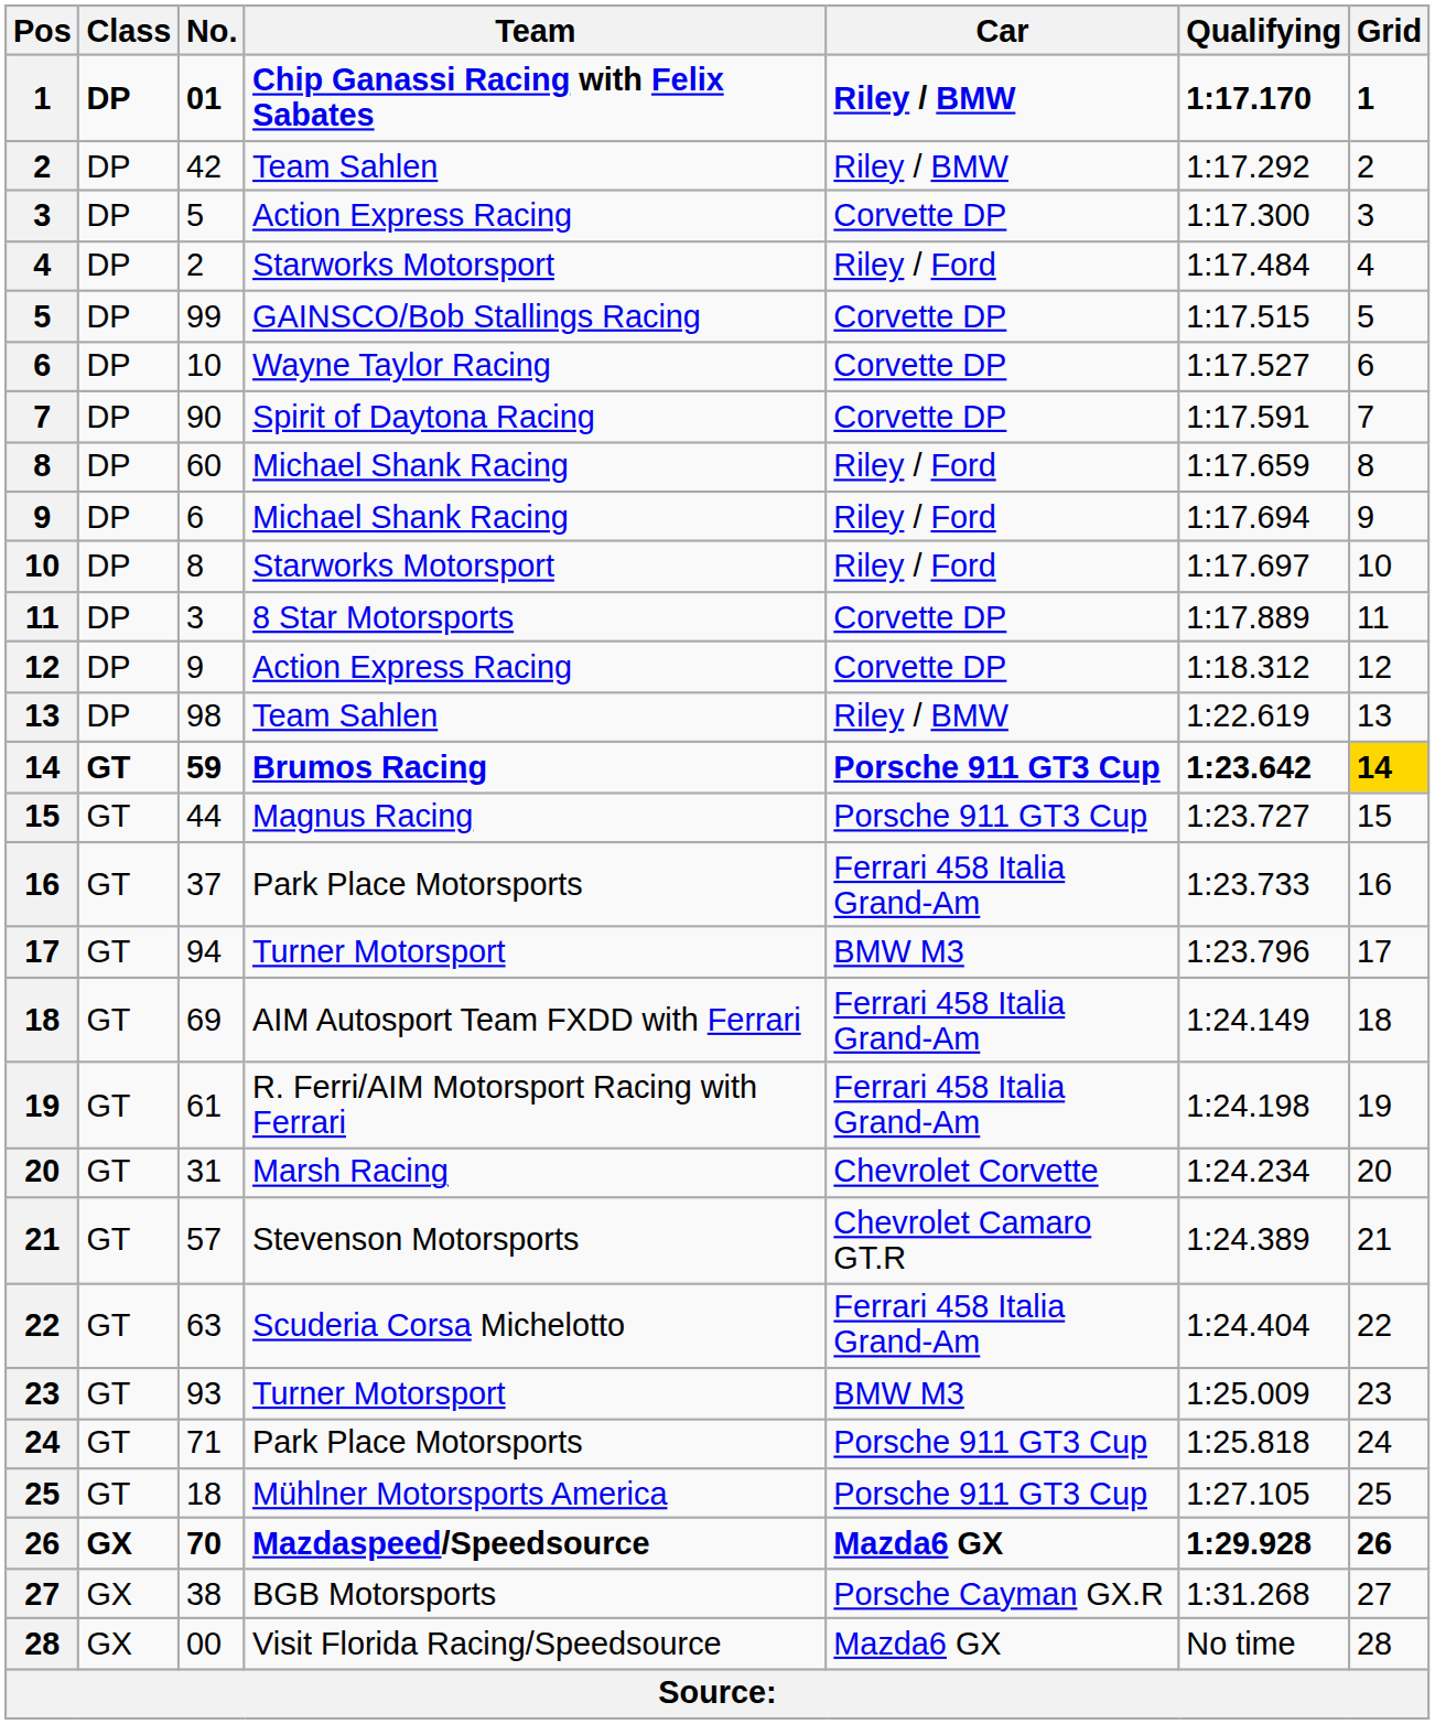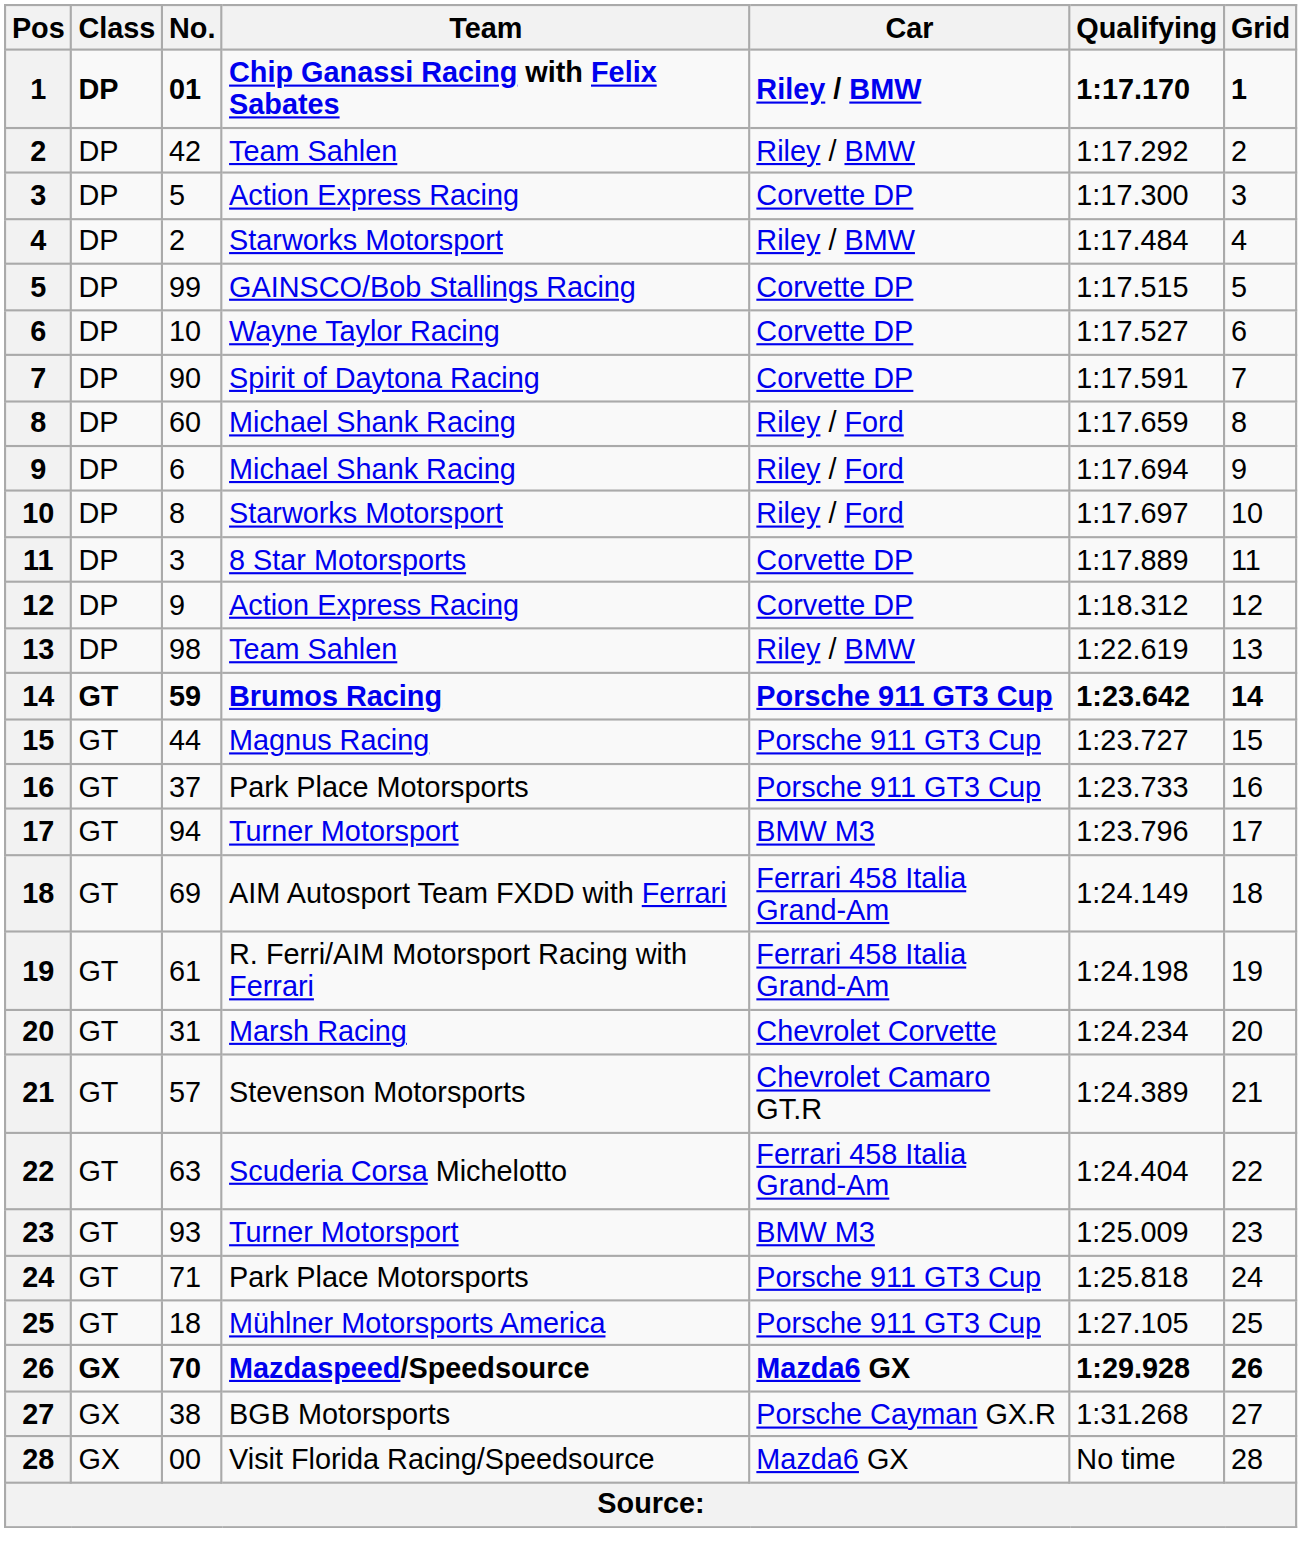 <table class="wikitable" style="font-size: 85%;">
 <tr>
 <th>Pos</th>
 <th>Class</th>
 <th>No.</th>
 <th>Team</th>
 <th>Car</th>
 <th>Qualifying</th>
 <th>Grid</th>
 </tr>
 <tr>
 <th>1</th>
 <td><strong>DP</strong></td>
 <td><strong>01</strong></td>
 <td><strong><a href='#'>Chip Ganassi Racing</a> with <a href='#'>Felix Sabates</a></strong></td>
 <td><strong><a href='#'>Riley</a> / <a href='#'>BMW</a></strong></td>
 <td><strong>1:17.170</strong></td>
 <td><strong>1</strong></td>
 </tr>
 <tr>
 <th>2</th>
 <td>DP</td>
 <td>42</td>
 <td><a href='#'>Team Sahlen</a></td>
 <td><a href='#'>Riley</a> / <a href='#'>BMW</a></td>
 <td>1:17.292</td>
 <td>2</td>
 </tr>
 <tr>
 <th>3</th>
 <td>DP</td>
 <td>5</td>
 <td><a href='#'>Action Express Racing</a></td>
 <td><a href='#'>Corvette DP</a></td>
 <td>1:17.300</td>
 <td>3</td>
 </tr>
 <tr>
 <th>4</th>
 <td>DP</td>
 <td>2</td>
 <td><a href='#'>Starworks Motorsport</a></td>
-<td><a href='#'>Riley</a> / <a href='#'>Ford</a></td>
+<td><a href='#'>Riley</a> / <a href='#'>BMW</a></td>
 <td>1:17.484</td>
 <td>4</td>
 </tr>
 <tr>
 <th>5</th>
 <td>DP</td>
 <td>99</td>
 <td><a href='#'>GAINSCO/Bob Stallings Racing</a></td>
 <td><a href='#'>Corvette DP</a></td>
 <td>1:17.515</td>
 <td>5</td>
 </tr>
 <tr>
 <th>6</th>
 <td>DP</td>
 <td>10</td>
 <td><a href='#'>Wayne Taylor Racing</a></td>
 <td><a href='#'>Corvette DP</a></td>
 <td>1:17.527</td>
 <td>6</td>
 </tr>
 <tr>
 <th>7</th>
 <td>DP</td>
 <td>90</td>
 <td><a href='#'>Spirit of Daytona Racing</a></td>
 <td><a href='#'>Corvette DP</a></td>
 <td>1:17.591</td>
 <td>7</td>
 </tr>
 <tr>
 <th>8</th>
 <td>DP</td>
 <td>60</td>
 <td><a href='#'>Michael Shank Racing</a></td>
 <td><a href='#'>Riley</a> / <a href='#'>Ford</a></td>
 <td>1:17.659</td>
 <td>8</td>
 </tr>
 <tr>
 <th>9</th>
 <td>DP</td>
 <td>6</td>
 <td><a href='#'>Michael Shank Racing</a></td>
 <td><a href='#'>Riley</a> / <a href='#'>Ford</a></td>
 <td>1:17.694</td>
 <td>9</td>
 </tr>
 <tr>
 <th>10</th>
 <td>DP</td>
 <td>8</td>
 <td><a href='#'>Starworks Motorsport</a></td>
 <td><a href='#'>Riley</a> / <a href='#'>Ford</a></td>
 <td>1:17.697</td>
 <td>10</td>
 </tr>
 <tr>
 <th>11</th>
 <td>DP</td>
 <td>3</td>
 <td><a href='#'>8 Star Motorsports</a></td>
 <td><a href='#'>Corvette DP</a></td>
 <td>1:17.889</td>
 <td>11</td>
 </tr>
 <tr>
 <th>12</th>
 <td>DP</td>
 <td>9</td>
 <td><a href='#'>Action Express Racing</a></td>
 <td><a href='#'>Corvette DP</a></td>
 <td>1:18.312</td>
 <td>12</td>
 </tr>
 <tr>
 <th>13</th>
 <td>DP</td>
 <td>98</td>
 <td><a href='#'>Team Sahlen</a></td>
 <td><a href='#'>Riley</a> / <a href='#'>BMW</a></td>
 <td>1:22.619</td>
 <td>13</td>
 </tr>
 <tr>
 <th>14</th>
 <td><strong>GT</strong></td>
 <td><strong>59</strong></td>
 <td><strong><a href='#'>Brumos Racing</a></strong></td>
 <td><strong><a href='#'>Porsche 911 GT3 Cup</a></strong></td>
 <td><strong>1:23.642</strong></td>
-<td style="background: gold;"><strong>14</strong></td>
+<td><strong>14</strong></td>
 </tr>
 <tr>
 <th>15</th>
 <td>GT</td>
 <td>44</td>
 <td><a href='#'>Magnus Racing</a></td>
 <td><a href='#'>Porsche 911 GT3 Cup</a></td>
 <td>1:23.727</td>
 <td>15</td>
 </tr>
 <tr>
 <th>16</th>
 <td>GT</td>
 <td>37</td>
 <td>Park Place Motorsports</td>
-<td><a href='#'>Ferrari 458 Italia Grand-Am</a></td>
+<td><a href='#'>Porsche 911 GT3 Cup</a></td>
 <td>1:23.733</td>
 <td>16</td>
 </tr>
 <tr>
 <th>17</th>
 <td>GT</td>
 <td>94</td>
 <td><a href='#'>Turner Motorsport</a></td>
 <td><a href='#'>BMW M3</a></td>
 <td>1:23.796</td>
 <td>17</td>
 </tr>
 <tr>
 <th>18</th>
 <td>GT</td>
 <td>69</td>
 <td>AIM Autosport Team FXDD with <a href='#'>Ferrari</a></td>
 <td><a href='#'>Ferrari 458 Italia Grand-Am</a></td>
 <td>1:24.149</td>
 <td>18</td>
 </tr>
 <tr>
 <th>19</th>
 <td>GT</td>
 <td>61</td>
 <td>R. Ferri/AIM Motorsport Racing with <a href='#'>Ferrari</a></td>
 <td><a href='#'>Ferrari 458 Italia Grand-Am</a></td>
 <td>1:24.198</td>
 <td>19</td>
 </tr>
 <tr>
 <th>20</th>
 <td>GT</td>
 <td>31</td>
 <td><a href='#'>Marsh Racing</a></td>
 <td><a href='#'>Chevrolet Corvette</a></td>
 <td>1:24.234</td>
 <td>20</td>
 </tr>
 <tr>
 <th>21</th>
 <td>GT</td>
 <td>57</td>
 <td>Stevenson Motorsports</td>
 <td><a href='#'>Chevrolet Camaro</a> GT.R</td>
 <td>1:24.389</td>
 <td>21</td>
 </tr>
 <tr>
 <th>22</th>
 <td>GT</td>
 <td>63</td>
 <td><a href='#'>Scuderia Corsa</a> Michelotto</td>
 <td><a href='#'>Ferrari 458 Italia Grand-Am</a></td>
 <td>1:24.404</td>
 <td>22</td>
 </tr>
 <tr>
 <th>23</th>
 <td>GT</td>
 <td>93</td>
 <td><a href='#'>Turner Motorsport</a></td>
 <td><a href='#'>BMW M3</a></td>
 <td>1:25.009</td>
 <td>23</td>
 </tr>
 <tr>
 <th>24</th>
 <td>GT</td>
 <td>71</td>
 <td>Park Place Motorsports</td>
 <td><a href='#'>Porsche 911 GT3 Cup</a></td>
 <td>1:25.818</td>
 <td>24</td>
 </tr>
 <tr>
 <th>25</th>
 <td>GT</td>
 <td>18</td>
 <td><a href='#'>Mühlner Motorsports America</a></td>
 <td><a href='#'>Porsche 911 GT3 Cup</a></td>
 <td>1:27.105</td>
 <td>25</td>
 </tr>
 <tr>
 <th>26</th>
 <td><strong>GX</strong></td>
 <td><strong>70</strong></td>
 <td><strong><a href='#'>Mazdaspeed</a>/Speedsource</strong></td>
 <td><strong><a href='#'>Mazda6</a> GX</strong></td>
 <td><strong>1:29.928</strong></td>
 <td><strong>26</strong></td>
 </tr>
 <tr>
 <th>27</th>
 <td>GX</td>
 <td>38</td>
 <td>BGB Motorsports</td>
 <td><a href='#'>Porsche Cayman</a> GX.R</td>
 <td>1:31.268</td>
 <td>27</td>
 </tr>
 <tr>
 <th>28</th>
 <td>GX</td>
 <td>00</td>
 <td>Visit Florida Racing/Speedsource</td>
 <td><a href='#'>Mazda6</a> GX</td>
 <td>No time</td>
 <td>28</td>
 </tr>
 <tr>
 <th colspan="7">Source:</th>
 </tr>
 </table>
